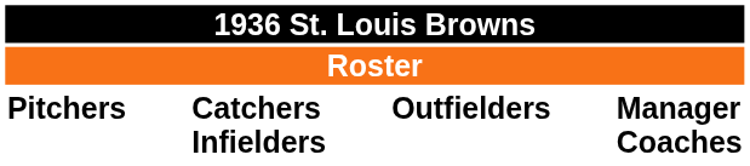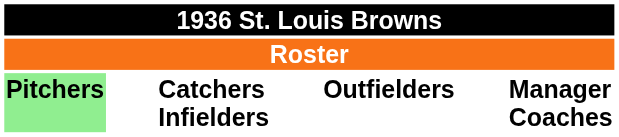 <table class="toccolours" style="font-size: 95%;">
 <tr>
 <th colspan="10" style="background-color: black; color: white; text-align: center;">1936 St. Louis Browns</th>
 </tr>
 <tr>
 <td colspan="10" style="background-color: #F87217; color: white; text-align: center;"><strong>Roster</strong></td>
 </tr>
 <tr>
-<td valign="top"><strong>Pitchers</strong><br>             </td>
+<td valign="top" style="background: lightgreen;"><strong>Pitchers</strong><br>             </td>
 <td width="25px"></td>
 <td valign="top"><strong>Catchers</strong><br>  <strong>Infielders</strong>       </td>
 <td width="25px"></td>
 <td valign="top"><strong>Outfielders</strong><br>    </td>
 <td width="25px"></td>
 <td valign="top"><strong>Manager</strong><br> <strong>Coaches</strong>  </td>
 </tr>
 <tr>
 </tr>
 </table>
